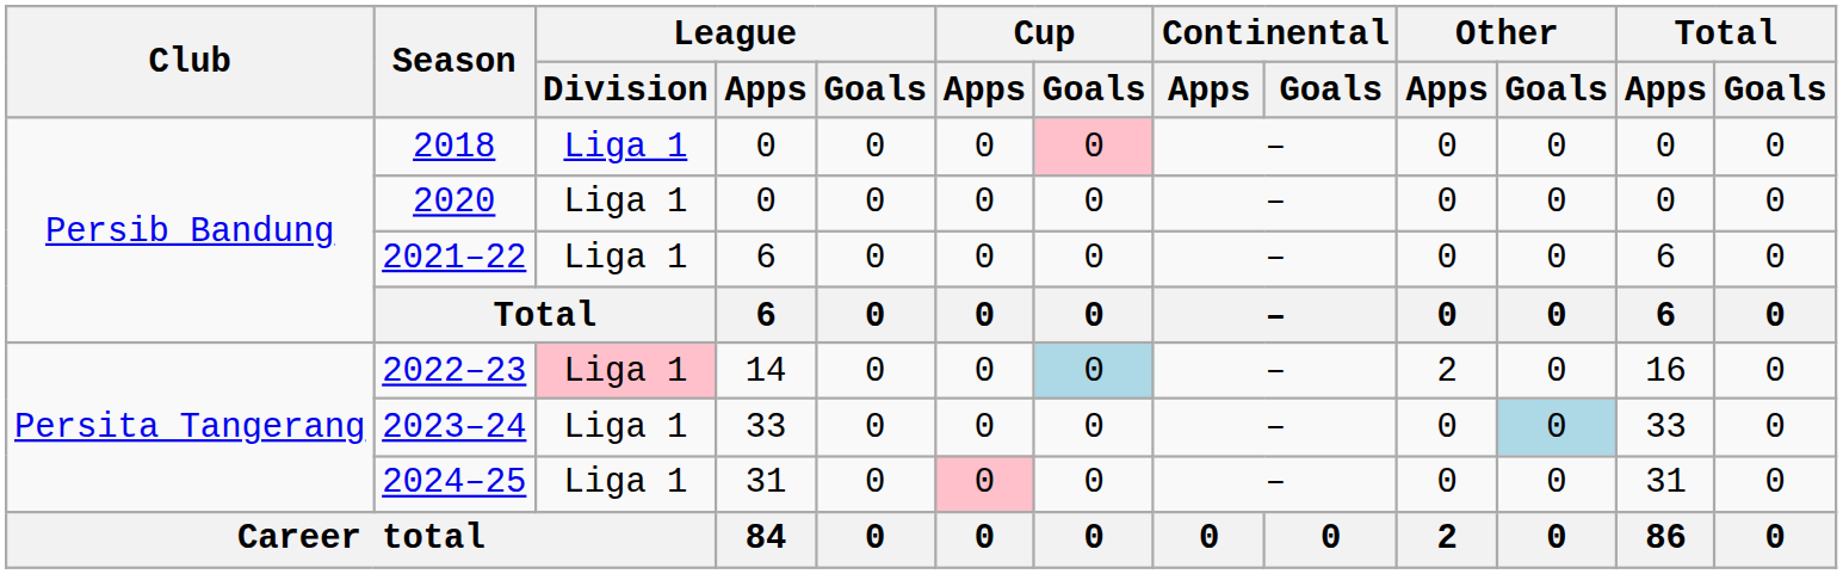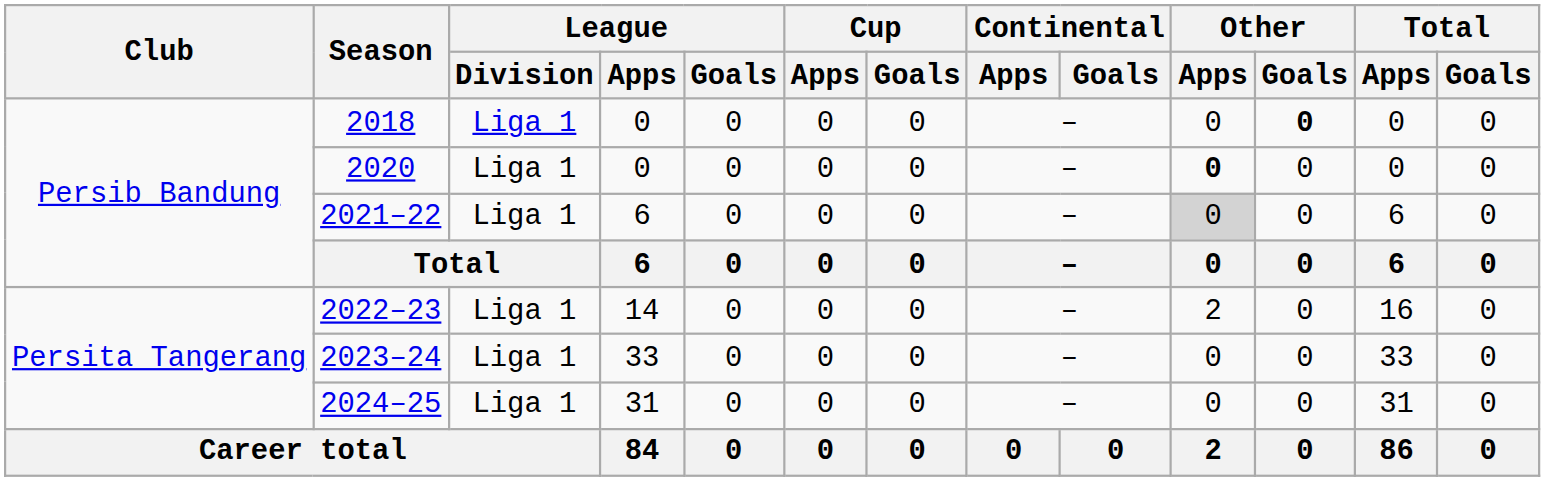 <table class="wikitable" style="text-align: center">
 <tr>
 <th rowspan="2">Club</th>
 <th rowspan="2">Season</th>
 <th colspan="3">League</th>
 <th colspan="2">Cup</th>
 <th colspan="2">Continental</th>
 <th colspan="2">Other</th>
 <th colspan="2">Total</th>
 </tr>
 <tr>
 <th>Division</th>
 <th>Apps</th>
 <th>Goals</th>
 <th>Apps</th>
 <th>Goals</th>
 <th>Apps</th>
 <th>Goals</th>
 <th>Apps</th>
 <th>Goals</th>
 <th>Apps</th>
 <th>Goals</th>
 </tr>
 <tr>
 <td rowspan="4"><a href='#'>Persib Bandung</a></td>
 <td><a href='#'>2018</a></td>
 <td rowspan="1" valign="center"><a href='#'>Liga 1</a></td>
 <td>0</td>
 <td>0</td>
 <td>0</td>
-<td style="background: pink;">0</td>
+<td>0</td>
 <td colspan="2">–</td>
 <td>0</td>
-<td>0</td>
+<td><strong>0</strong></td>
 <td>0</td>
 <td>0</td>
 </tr>
 <tr>
 <td><a href='#'>2020</a></td>
 <td rowspan="1" valign="center">Liga 1</td>
 <td>0</td>
 <td>0</td>
 <td>0</td>
 <td>0</td>
 <td colspan="2">–</td>
-<td>0</td>
+<td><strong>0</strong></td>
 <td>0</td>
 <td>0</td>
 <td>0</td>
 </tr>
 <tr>
 <td><a href='#'>2021–22</a></td>
 <td rowspan="1" valign="center">Liga 1</td>
 <td>6</td>
 <td>0</td>
 <td>0</td>
 <td>0</td>
 <td colspan="2">–</td>
-<td>0</td>
+<td style="background: lightgrey;">0</td>
 <td>0</td>
 <td>6</td>
 <td>0</td>
 </tr>
 <tr>
 <th colspan=2>Total</th>
 <th>6</th>
 <th>0</th>
 <th>0</th>
 <th>0</th>
 <th colspan="2">–</th>
 <th>0</th>
 <th>0</th>
 <th>6</th>
 <th>0</th>
 </tr>
 <tr>
 <td rowspan="3"><a href='#'>Persita Tangerang</a></td>
 <td><a href='#'>2022–23</a></td>
-<td rowspan="1" style="background: pink;">Liga 1</td>
+<td rowspan="1">Liga 1</td>
 <td>14</td>
 <td>0</td>
 <td>0</td>
-<td style="background: lightblue;">0</td>
+<td>0</td>
 <td colspan="2">–</td>
 <td>2</td>
 <td>0</td>
 <td>16</td>
 <td>0</td>
 </tr>
 <tr>
 <td><a href='#'>2023–24</a></td>
 <td>Liga 1</td>
 <td>33</td>
 <td>0</td>
 <td>0</td>
 <td>0</td>
 <td colspan="2">–</td>
 <td>0</td>
-<td style="background: lightblue;">0</td>
+<td>0</td>
 <td>33</td>
 <td>0</td>
 </tr>
 <tr>
 <td><a href='#'>2024–25</a></td>
 <td>Liga 1</td>
 <td>31</td>
 <td>0</td>
-<td style="background: pink;">0</td>
+<td>0</td>
 <td>0</td>
 <td colspan="2">–</td>
 <td>0</td>
 <td>0</td>
 <td>31</td>
 <td>0</td>
 </tr>
 <tr>
 <th colspan=3>Career total</th>
 <th>84</th>
 <th>0</th>
 <th>0</th>
 <th>0</th>
 <th>0</th>
 <th>0</th>
 <th>2</th>
 <th>0</th>
 <th>86</th>
 <th>0</th>
 </tr>
 </table>
